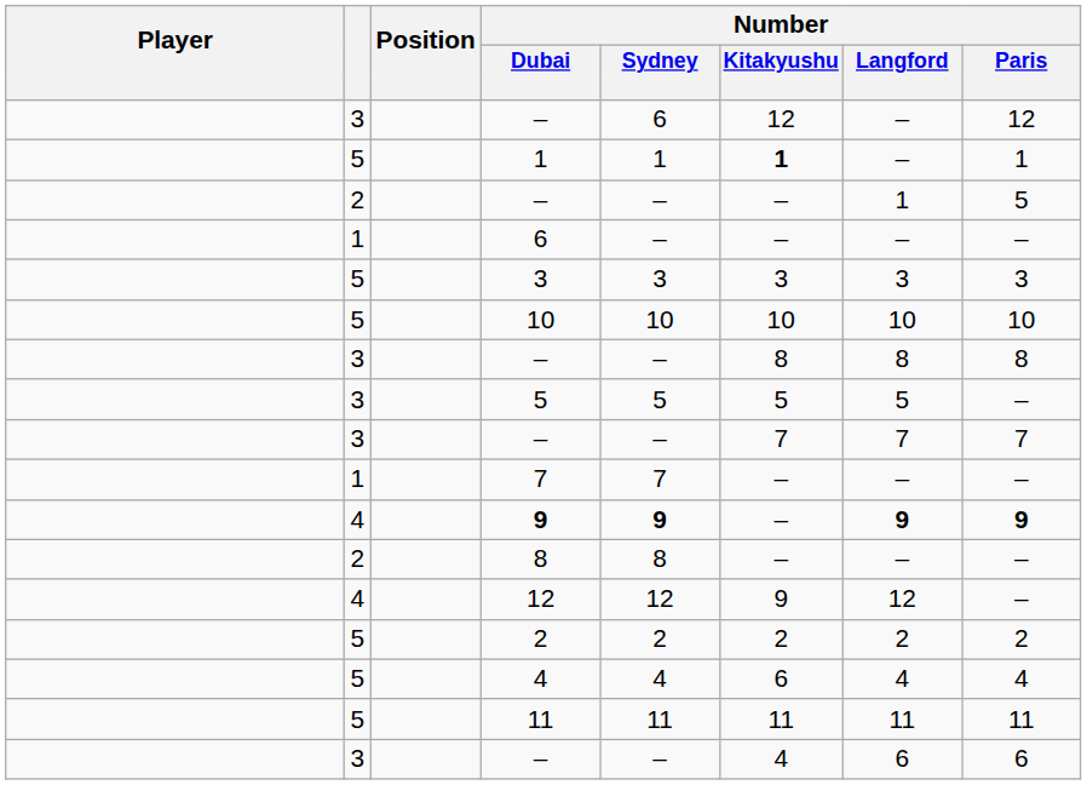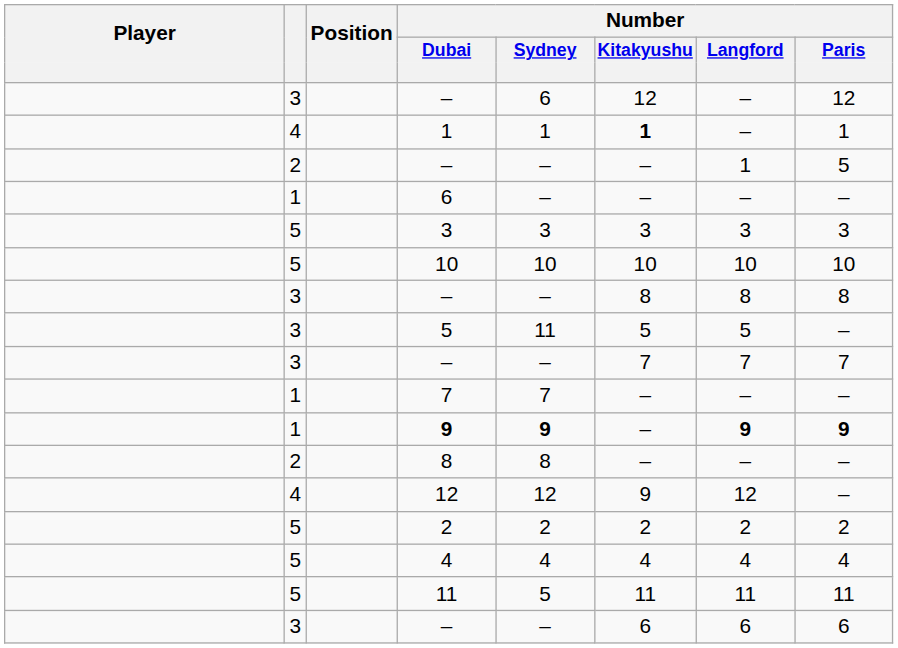 <table class="wikitable sortable" style="text-align:center;">
 <tr>
 <th rowspan="2" style="border-bottom:0; width:13em;">Player</th>
 <th rowspan="2" style="border-bottom:0;"></th>
 <th rowspan="2" style="border-bottom:0;">Position</th>
 <th colspan=5>Number</th>
 </tr>
 <tr>
 <th style="vertical-align:top; width:5.2em; border-bottom:0; padding:2px; font-size:85%;"><a href='#'>Dubai</a></th>
 <th style="vertical-align:top; width:5.2em; border-bottom:0; padding:2px; font-size:85%;"><a href='#'>Sydney</a></th>
 <th style="vertical-align:top; width:5.2em; border-bottom:0; padding:2px; font-size:85%;"><a href='#'>Kitakyushu</a></th>
 <th style="vertical-align:top; width:5.2em; border-bottom:0; padding:2px; font-size:85%;"><a href='#'>Langford</a></th>
 <th style="vertical-align:top; width:5.2em; border-bottom:0; padding:2px; font-size:85%;"><a href='#'>Paris</a></th>
 </tr>
 <tr style="line-height:8px;">
 <th style="border-top:0;"> </th>
 <th style="border-top:0;"></th>
 <th style="border-top:0;"></th>
 <th data-sort-type="number" style="border-top:0;"></th>
 <th data-sort-type="number" style="border-top:0;"></th>
 <th data-sort-type="number" style="border-top:0;"></th>
 <th data-sort-type="number" style="border-top:0;"></th>
 <th data-sort-type="number" style="border-top:0;"></th>
 </tr>
 <tr>
 <td align=left></td>
 <td>3</td>
 <td></td>
 <td>–</td>
 <td>6</td>
 <td>12</td>
 <td>–</td>
 <td>12</td>
 </tr>
 <tr>
 <td align=left></td>
-<td>5</td>
+<td>4</td>
 <td></td>
 <td>1</td>
 <td>1</td>
 <td><strong>1</strong></td>
 <td>–</td>
 <td>1</td>
 </tr>
 <tr>
 <td align=left></td>
 <td>2</td>
 <td></td>
 <td>–</td>
 <td>–</td>
 <td>–</td>
 <td>1</td>
 <td>5</td>
 </tr>
 <tr>
 <td align=left></td>
 <td>1</td>
 <td></td>
 <td>6</td>
 <td>–</td>
 <td>–</td>
 <td>–</td>
 <td>–</td>
 </tr>
 <tr>
 <td align=left></td>
 <td>5</td>
 <td></td>
 <td>3</td>
 <td>3</td>
 <td>3</td>
 <td>3</td>
 <td>3</td>
 </tr>
 <tr>
 <td align=left></td>
 <td>5</td>
 <td></td>
 <td>10</td>
 <td>10</td>
 <td>10</td>
 <td>10</td>
 <td>10</td>
 </tr>
 <tr>
 <td align=left></td>
 <td>3</td>
 <td></td>
 <td>–</td>
 <td>–</td>
 <td>8</td>
 <td>8</td>
 <td>8</td>
 </tr>
 <tr>
 <td align=left></td>
 <td>3</td>
 <td></td>
 <td>5</td>
-<td>5</td>
+<td>11</td>
 <td>5</td>
 <td>5</td>
 <td>–</td>
 </tr>
 <tr>
 <td align=left></td>
 <td>3</td>
 <td></td>
 <td>–</td>
 <td>–</td>
 <td>7</td>
 <td>7</td>
 <td>7</td>
 </tr>
 <tr>
 <td align=left></td>
 <td>1</td>
 <td></td>
 <td>7</td>
 <td>7</td>
 <td>–</td>
 <td>–</td>
 <td>–</td>
 </tr>
 <tr>
 <td align=left></td>
-<td>4</td>
+<td>1</td>
 <td></td>
 <td><strong>9</strong></td>
 <td><strong>9</strong></td>
 <td>–</td>
 <td><strong>9</strong></td>
 <td><strong>9</strong></td>
 </tr>
 <tr>
 <td align=left></td>
 <td>2</td>
 <td></td>
 <td>8</td>
 <td>8</td>
 <td>–</td>
 <td>–</td>
 <td>–</td>
 </tr>
 <tr>
 <td align=left></td>
 <td>4</td>
 <td></td>
 <td>12</td>
 <td>12</td>
 <td>9</td>
 <td>12</td>
 <td>–</td>
 </tr>
 <tr>
 <td align=left></td>
 <td>5</td>
 <td></td>
 <td>2</td>
 <td>2</td>
 <td>2</td>
 <td>2</td>
 <td>2</td>
 </tr>
 <tr>
 <td align=left></td>
 <td>5</td>
 <td></td>
 <td>4</td>
 <td>4</td>
-<td>6</td>
+<td>4</td>
 <td>4</td>
 <td>4</td>
 </tr>
 <tr>
 <td align=left></td>
 <td>5</td>
 <td></td>
 <td>11</td>
-<td>11</td>
+<td>5</td>
 <td>11</td>
 <td>11</td>
 <td>11</td>
 </tr>
 <tr>
 <td align=left></td>
 <td>3</td>
 <td></td>
 <td>–</td>
 <td>–</td>
-<td>4</td>
+<td>6</td>
 <td>6</td>
 <td>6</td>
 </tr>
 </table>
